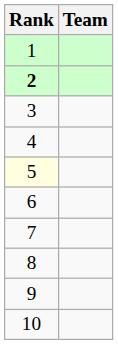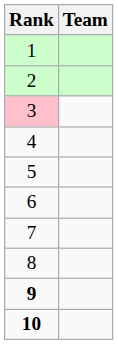 <table class="wikitable" style="text-align:center;">
 <tr>
 <th>Rank</th>
 <th>Team</th>
 </tr>
 <tr bgcolor="ccffcc">
 <td>1</td>
 <td align="left"></td>
 </tr>
 <tr bgcolor="ccffcc">
-<td><strong>2</strong></td>
+<td>2</td>
 <td align="left"></td>
 </tr>
 <tr>
-<td>3</td>
+<td style="background: pink;">3</td>
 <td align="left"></td>
 </tr>
 <tr>
 <td>4</td>
 <td align="left"></td>
 </tr>
 <tr>
-<td style="background: lightyellow;">5</td>
+<td>5</td>
 <td align="left"></td>
 </tr>
 <tr>
 <td>6</td>
 <td align="left"></td>
 </tr>
 <tr>
 <td>7</td>
 <td align="left"></td>
 </tr>
 <tr>
 <td>8</td>
 <td align="left"></td>
 </tr>
 <tr>
-<td>9</td>
+<td><strong>9</strong></td>
 <td align="left"></td>
 </tr>
 <tr>
-<td>10</td>
+<td><strong>10</strong></td>
 <td align="left"></td>
 </tr>
 </table>
